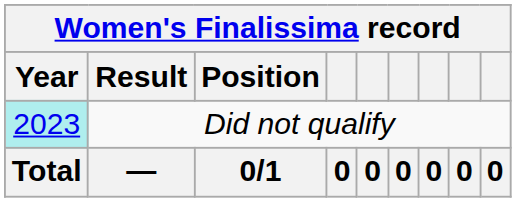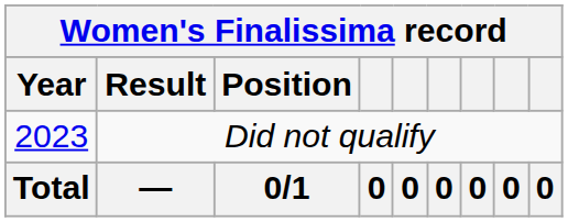 <table class="wikitable"  style="text-align:center;">
 <tr>
 <th colspan=9><a href='#'>Women's Finalissima</a> record</th>
 </tr>
 <tr>
 <th>Year</th>
 <th>Result</th>
 <th>Position</th>
 <th></th>
 <th></th>
 <th></th>
 <th></th>
 <th></th>
 <th></th>
 </tr>
 <tr>
-<td style="background: paleturquoise;"> <a href='#'>2023</a></td>
+<td> <a href='#'>2023</a></td>
 <td colspan=9><em>Did not qualify</em></td>
 </tr>
 <tr>
 <th>Total</th>
 <th>—</th>
 <th>0/1</th>
 <th>0</th>
 <th>0</th>
 <th>0</th>
 <th>0</th>
 <th>0</th>
 <th>0</th>
 </tr>
 </table>
